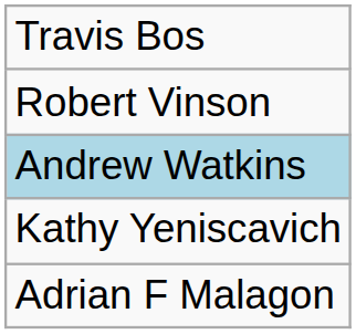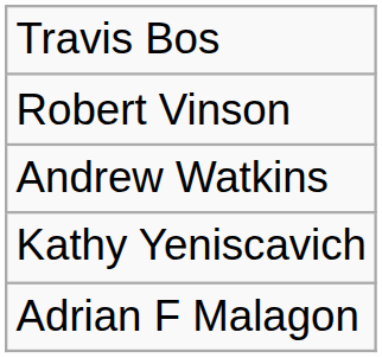 <table class="wikitable">
 <tr>
 <td>Travis Bos</td>
 </tr>
 <tr>
 <td>Robert Vinson</td>
 </tr>
 <tr>
-<td style="background: lightblue;">Andrew Watkins</td>
+<td>Andrew Watkins</td>
 </tr>
 <tr>
 <td>Kathy Yeniscavich</td>
 </tr>
 <tr>
 <td>Adrian F Malagon</td>
 </tr>
 </table>
